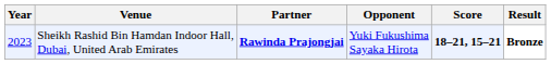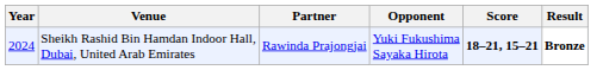 <table class="sortable wikitable" style="font-size: 90%;">
 <tr>
 <th>Year</th>
 <th>Venue</th>
 <th>Partner</th>
 <th>Opponent</th>
 <th>Score</th>
 <th>Result</th>
 </tr>
 <tr style="background:#ECF2FF">
-<td align="center"><a href='#'>2023</a></td>
+<td align="center"><a href='#'>2024</a></td>
 <td align="left">Sheikh Rashid Bin Hamdan Indoor Hall,<br><a href='#'>Dubai</a>, United Arab Emirates</td>
-<td align="left"><strong> <a href='#'>Rawinda Prajongjai</a></strong></td>
+<td align="left"> <a href='#'>Rawinda Prajongjai</a></td>
 <td align="left"> <a href='#'>Yuki Fukushima</a><br> <a href='#'>Sayaka Hirota</a></td>
 <td align="left"><strong>18–21, 15–21</strong></td>
 <td style="text-align:left; background:white"> <strong>Bronze</strong></td>
 </tr>
 </table>
